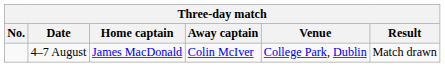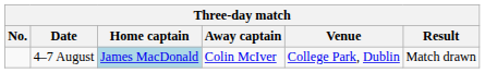 <table class="wikitable">
 <tr>
 <th colspan="9">Three-day match</th>
 </tr>
 <tr>
 <th>No.</th>
 <th>Date</th>
 <th>Home captain</th>
 <th>Away captain</th>
 <th>Venue</th>
 <th>Result</th>
 </tr>
 <tr>
 <td></td>
 <td>4–7 August</td>
-<td><a href='#'>James MacDonald</a></td>
+<td style="background: lightblue;"><a href='#'>James MacDonald</a></td>
 <td><a href='#'>Colin McIver</a></td>
 <td><a href='#'>College Park</a>, <a href='#'>Dublin</a></td>
 <td>Match drawn</td>
 </tr>
 </table>
